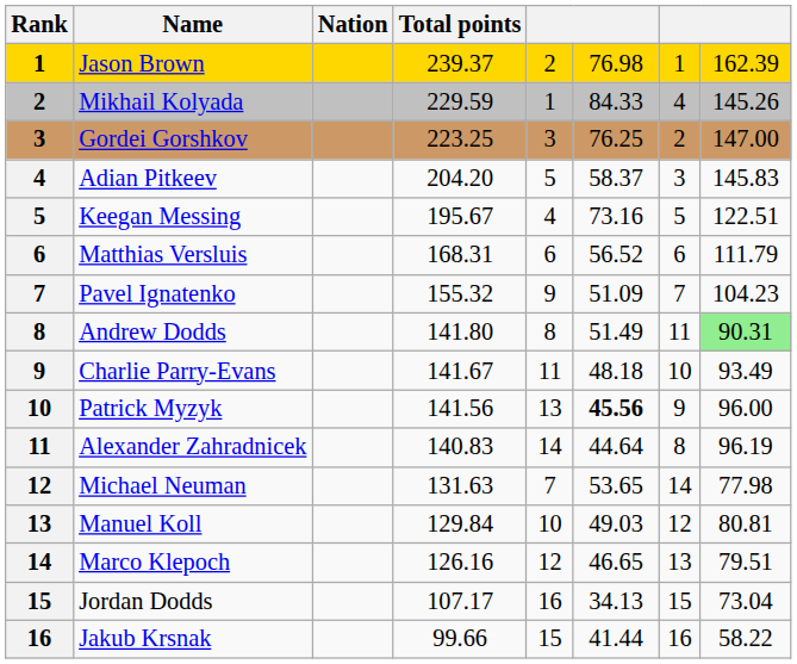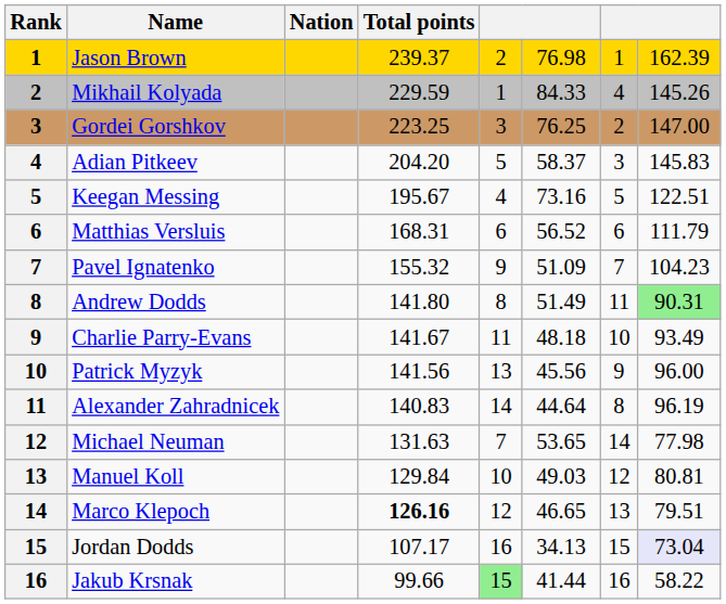 <table class="wikitable sortable">
 <tr>
 <th>Rank</th>
 <th>Name</th>
 <th>Nation</th>
 <th>Total points</th>
 <th colspan="2" width="80px"></th>
 <th colspan="2" width="80px"></th>
 </tr>
 <tr bgcolor="gold">
 <td align="center"><strong>1</strong></td>
 <td><a href='#'>Jason Brown</a></td>
 <td></td>
 <td align="center">239.37</td>
 <td align="center">2</td>
 <td align="center">76.98</td>
 <td align="center">1</td>
 <td align="center">162.39</td>
 </tr>
 <tr bgcolor="silver">
 <td align="center"><strong>2</strong></td>
 <td><a href='#'>Mikhail Kolyada</a></td>
 <td></td>
 <td align="center">229.59</td>
 <td align="center">1</td>
 <td align="center">84.33</td>
 <td align="center">4</td>
 <td align="center">145.26</td>
 </tr>
 <tr bgcolor="cc9966">
 <td align="center"><strong>3</strong></td>
 <td><a href='#'>Gordei Gorshkov</a></td>
 <td></td>
 <td align="center">223.25</td>
 <td align="center">3</td>
 <td align="center">76.25</td>
 <td align="center">2</td>
 <td align="center">147.00</td>
 </tr>
 <tr>
 <th>4</th>
 <td><a href='#'>Adian Pitkeev</a></td>
 <td></td>
 <td align="center">204.20</td>
 <td align="center">5</td>
 <td align="center">58.37</td>
 <td align="center">3</td>
 <td align="center">145.83</td>
 </tr>
 <tr>
 <th>5</th>
 <td><a href='#'>Keegan Messing</a></td>
 <td></td>
 <td align="center">195.67</td>
 <td align="center">4</td>
 <td align="center">73.16</td>
 <td align="center">5</td>
 <td align="center">122.51</td>
 </tr>
 <tr>
 <th>6</th>
 <td><a href='#'>Matthias Versluis</a></td>
 <td></td>
 <td align="center">168.31</td>
 <td align="center">6</td>
 <td align="center">56.52</td>
 <td align="center">6</td>
 <td align="center">111.79</td>
 </tr>
 <tr>
 <th>7</th>
 <td><a href='#'>Pavel Ignatenko</a></td>
 <td></td>
 <td align="center">155.32</td>
 <td align="center">9</td>
 <td align="center">51.09</td>
 <td align="center">7</td>
 <td align="center">104.23</td>
 </tr>
 <tr>
 <th>8</th>
 <td><a href='#'>Andrew Dodds</a></td>
 <td></td>
 <td align="center">141.80</td>
 <td align="center">8</td>
 <td align="center">51.49</td>
 <td align="center">11</td>
 <td align="center" style="background: lightgreen;">90.31</td>
 </tr>
 <tr>
 <th>9</th>
 <td><a href='#'>Charlie Parry-Evans</a></td>
 <td></td>
 <td align="center">141.67</td>
 <td align="center">11</td>
 <td align="center">48.18</td>
 <td align="center">10</td>
 <td align="center">93.49</td>
 </tr>
 <tr>
 <th>10</th>
 <td><a href='#'>Patrick Myzyk</a></td>
 <td></td>
 <td align="center">141.56</td>
 <td align="center">13</td>
-<td align="center"><strong>45.56</strong></td>
+<td align="center">45.56</td>
 <td align="center">9</td>
 <td align="center">96.00</td>
 </tr>
 <tr>
 <th>11</th>
 <td><a href='#'>Alexander Zahradnicek</a></td>
 <td></td>
 <td align="center">140.83</td>
 <td align="center">14</td>
 <td align="center">44.64</td>
 <td align="center">8</td>
 <td align="center">96.19</td>
 </tr>
 <tr>
 <th>12</th>
 <td><a href='#'>Michael Neuman</a></td>
 <td></td>
 <td align="center">131.63</td>
 <td align="center">7</td>
 <td align="center">53.65</td>
 <td align="center">14</td>
 <td align="center">77.98</td>
 </tr>
 <tr>
 <th>13</th>
 <td><a href='#'>Manuel Koll</a></td>
 <td></td>
 <td align="center">129.84</td>
 <td align="center">10</td>
 <td align="center">49.03</td>
 <td align="center">12</td>
 <td align="center">80.81</td>
 </tr>
 <tr>
 <th>14</th>
 <td><a href='#'>Marco Klepoch</a></td>
 <td></td>
-<td align="center">126.16</td>
+<td align="center"><strong>126.16</strong></td>
 <td align="center">12</td>
 <td align="center">46.65</td>
 <td align="center">13</td>
 <td align="center">79.51</td>
 </tr>
 <tr>
 <th>15</th>
 <td>Jordan Dodds</td>
 <td></td>
 <td align="center">107.17</td>
 <td align="center">16</td>
 <td align="center">34.13</td>
 <td align="center">15</td>
-<td align="center">73.04</td>
+<td align="center" style="background: lavender;">73.04</td>
 </tr>
 <tr>
 <th>16</th>
 <td><a href='#'>Jakub Krsnak</a></td>
 <td></td>
 <td align="center">99.66</td>
-<td align="center">15</td>
+<td align="center" style="background: lightgreen;">15</td>
 <td align="center">41.44</td>
 <td align="center">16</td>
 <td align="center">58.22</td>
 </tr>
 </table>
